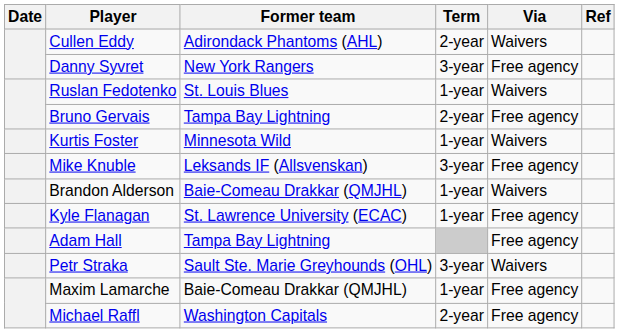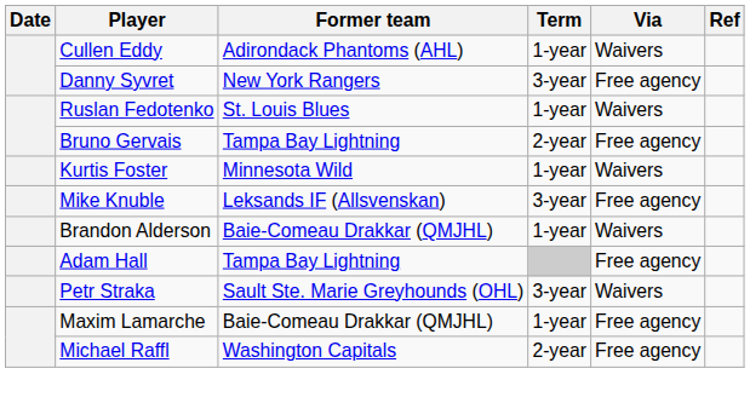 <table class="wikitable plainrowheaders">
 <tr style="background:#ddd; text-align:center;">
 <th>Date</th>
 <th>Player</th>
 <th>Former team</th>
 <th>Term</th>
 <th>Via</th>
 <th>Ref</th>
 </tr>
 <tr>
 <th scope="row" rowspan=2></th>
 <td><a href='#'>Cullen Eddy</a></td>
 <td><a href='#'>Adirondack Phantoms</a> (<a href='#'>AHL</a>)</td>
-<td>2-year</td>
+<td>1-year</td>
 <td>Waivers</td>
 <td></td>
 </tr>
 <tr>
 <td><a href='#'>Danny Syvret</a></td>
 <td><a href='#'>New York Rangers</a></td>
 <td>3-year</td>
 <td>Free agency</td>
 <td></td>
 </tr>
 <tr>
 <th scope="row" rowspan=2></th>
 <td><a href='#'>Ruslan Fedotenko</a></td>
 <td><a href='#'>St. Louis Blues</a></td>
 <td>1-year</td>
 <td>Waivers</td>
 <td></td>
 </tr>
 <tr>
 <td><a href='#'>Bruno Gervais</a></td>
 <td><a href='#'>Tampa Bay Lightning</a></td>
 <td>2-year</td>
 <td>Free agency</td>
 <td></td>
 </tr>
 <tr>
 <th scope="row"></th>
 <td><a href='#'>Kurtis Foster</a></td>
 <td><a href='#'>Minnesota Wild</a></td>
 <td>1-year</td>
 <td>Waivers</td>
 <td></td>
 </tr>
 <tr>
 <th scope="row"></th>
 <td><a href='#'>Mike Knuble</a></td>
 <td><a href='#'>Leksands IF</a> (<a href='#'>Allsvenskan</a>)</td>
 <td>3-year</td>
 <td>Free agency</td>
 <td></td>
 </tr>
 <tr>
 <th scope="row"></th>
 <td>Brandon Alderson</td>
 <td><a href='#'>Baie-Comeau Drakkar</a> (<a href='#'>QMJHL</a>)</td>
 <td>1-year</td>
 <td>Waivers</td>
 <td></td>
 </tr>
 <tr>
 <th scope="row"></th>
-<td><a href='#'>Kyle Flanagan</a></td>
-<td><a href='#'>St. Lawrence University</a> (<a href='#'>ECAC</a>)</td>
-<td>1-year</td>
-<td>Free agency</td>
-<td></td>
-</tr>
-<tr>
-<th scope="row"></th>
 <td><a href='#'>Adam Hall</a></td>
 <td><a href='#'>Tampa Bay Lightning</a></td>
 <td style="background:#ccc"></td>
 <td>Free agency</td>
 <td></td>
 </tr>
 <tr>
 <th scope="row"></th>
 <td><a href='#'>Petr Straka</a></td>
 <td><a href='#'>Sault Ste. Marie Greyhounds</a> (<a href='#'>OHL</a>)</td>
 <td>3-year</td>
 <td>Waivers</td>
 <td></td>
 </tr>
 <tr>
 <th scope="row" rowspan=2></th>
 <td>Maxim Lamarche</td>
 <td>Baie-Comeau Drakkar (QMJHL)</td>
 <td>1-year</td>
 <td>Free agency</td>
 <td></td>
 </tr>
 <tr>
 <td><a href='#'>Michael Raffl</a></td>
 <td><a href='#'>Washington Capitals</a></td>
 <td>2-year</td>
 <td>Free agency</td>
 <td></td>
 </tr>
 </table>
